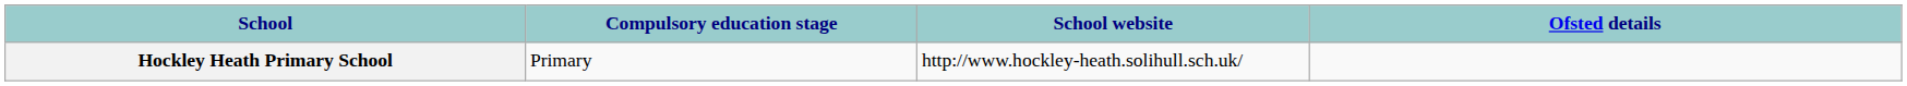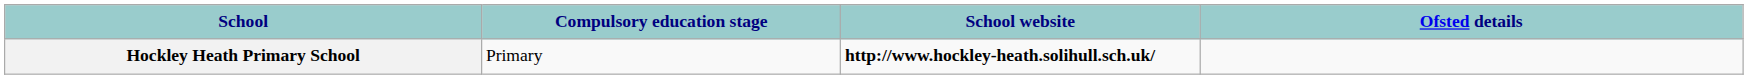 <table class="wikitable sortable" style="font-size:90%;width:90%;border:0px;text-align:left;line-height:150%;">
 <tr>
 <th style="background: #99CCCC; color: #000080" height="17" width="175">School</th>
 <th style="background: #99CCCC; color: #000080" height="17" width="130">Compulsory education stage</th>
 <th style="background: #99CCCC; color: #000080" height="17" width="130">School website</th>
 <th style="background: #99CCCC; color: #000080" height="17" width="200"><a href='#'>Ofsted</a> details</th>
 </tr>
 <tr>
 <th>Hockley Heath Primary School</th>
 <td>Primary</td>
-<td>http://www.hockley-heath.solihull.sch.uk/ </td>
+<td><strong>http://www.hockley-heath.solihull.sch.uk/ </strong></td>
 <td></td>
 </tr>
 <tr>
 </tr>
 </table>
